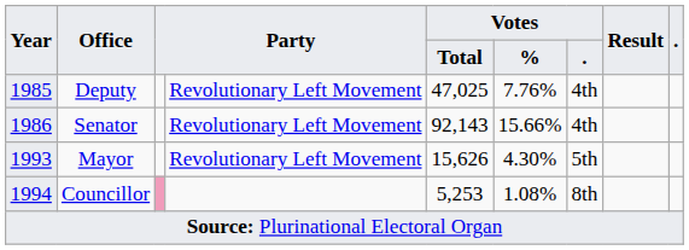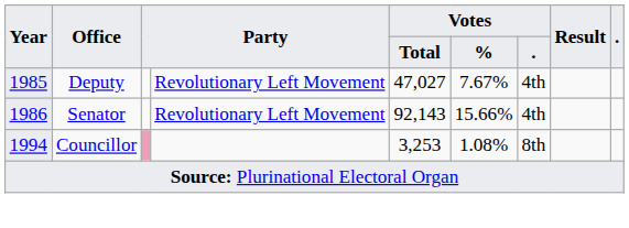 <table class="wikitable" style="font-size:90%; text-align:center;">
 <tr>
 <th style="background-color:#EAECF0;" rowspan=2>Year</th>
 <th style="background-color:#EAECF0;" rowspan=2>Office</th>
 <th style="background-color:#EAECF0;" colspan=2 rowspan=2>Party</th>
 <th style="background-color:#EAECF0;" colspan=3>Votes</th>
 <th style="background-color:#EAECF0;" rowspan=2>Result</th>
 <th style="background-color:#EAECF0;" rowspan=2>.</th>
 </tr>
 <tr>
 <th style="background-color:#EAECF0;">Total</th>
 <th style="background-color:#EAECF0;">%</th>
 <th style="background-color:#EAECF0;">.</th>
 </tr>
 <tr>
 <td style="background-color:#EAECF0;"><a href='#'>1985</a></td>
 <td><a href='#'>Deputy</a></td>
 <td style="background-color:"></td>
 <td><a href='#'>Revolutionary Left Movement</a></td>
-<td>47,025</td>
-<td>7.76%</td>
+<td>47,027</td>
+<td>7.67%</td>
 <td>4th</td>
 <td></td>
 <td></td>
 </tr>
 <tr>
 <td style="background-color:#EAECF0;"><a href='#'>1986</a></td>
 <td><a href='#'>Senator</a></td>
 <td style="background-color:"></td>
 <td><a href='#'>Revolutionary Left Movement</a></td>
 <td>92,143</td>
 <td>15.66%</td>
 <td>4th</td>
 <td></td>
 <td></td>
 </tr>
 <tr>
-<td style="background-color:#EAECF0;"><a href='#'>1993</a></td>
-<td><a href='#'>Mayor</a></td>
-<td style="background-color:"></td>
-<td><a href='#'>Revolutionary Left Movement</a></td>
-<td>15,626</td>
-<td>4.30%</td>
-<td>5th</td>
-<td></td>
-<td></td>
-</tr>
-<tr>
 <td style="background-color:#EAECF0;"><a href='#'>1994</a></td>
 <td><a href='#'>Councillor</a></td>
 <td style="background-color:#F19CBB;"></td>
 <td></td>
-<td>5,253</td>
+<td>3,253</td>
 <td>1.08%</td>
 <td>8th</td>
 <td></td>
 <td></td>
 </tr>
 <tr>
 <td style="background-color:#EAECF0;" colspan=9><strong>Source:</strong> <a href='#'>Plurinational Electoral Organ</a>  </td>
 </tr>
 </table>
